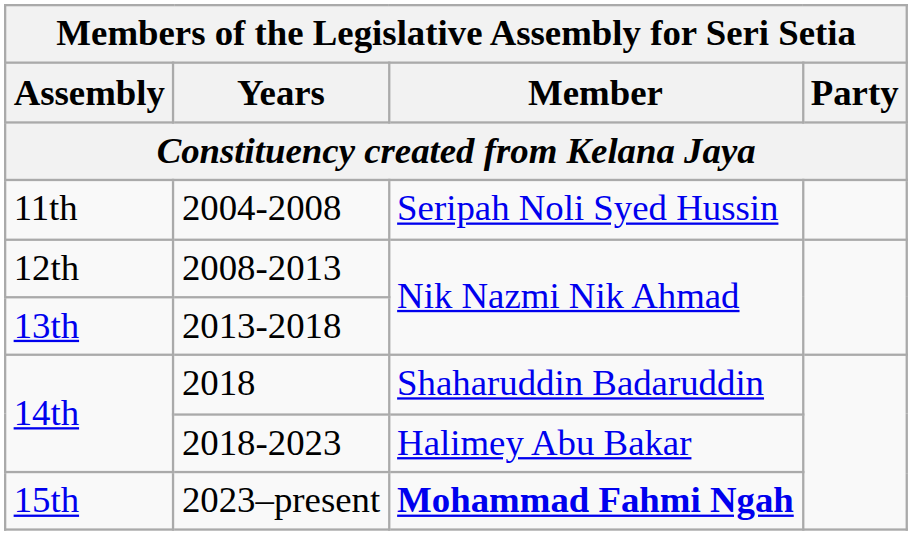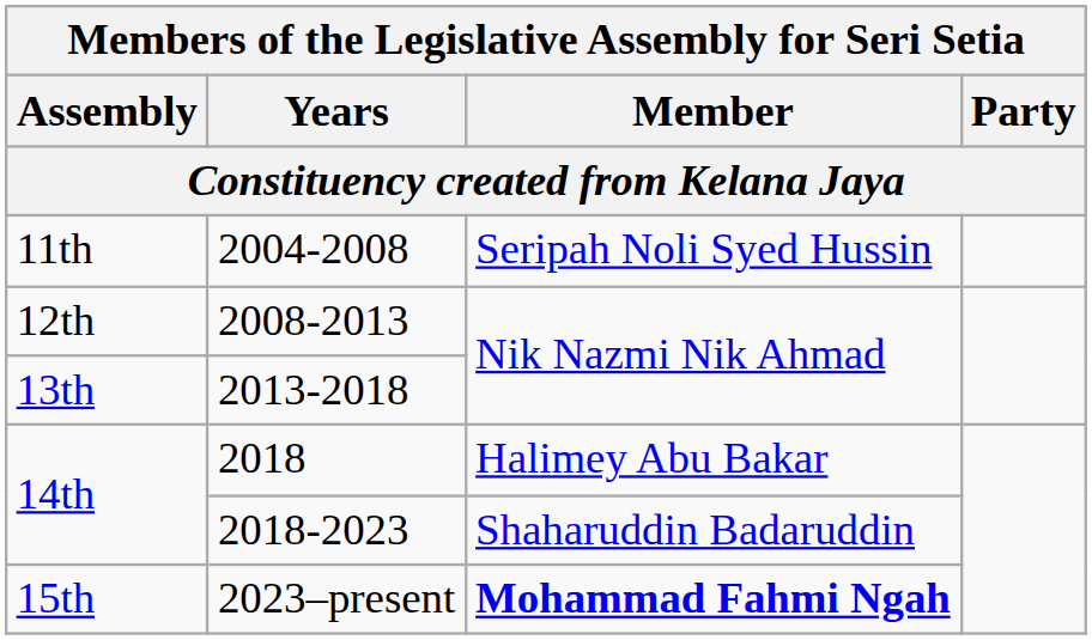 <table class=wikitable>
 <tr>
 <th colspan=4>Members of the Legislative Assembly for Seri Setia</th>
 </tr>
 <tr>
 <th>Assembly</th>
 <th>Years</th>
 <th>Member</th>
 <th>Party</th>
 </tr>
 <tr>
 <th colspan=4 align=center><em>Constituency created from Kelana Jaya</em></th>
 </tr>
 <tr>
 <td>11th</td>
 <td>2004-2008</td>
 <td><a href='#'>Seripah Noli Syed Hussin</a></td>
 <td></td>
 </tr>
 <tr>
 <td>12th</td>
 <td>2008-2013</td>
 <td rowspan=2><a href='#'>Nik Nazmi Nik Ahmad</a></td>
 <td rowspan=2></td>
 </tr>
 <tr>
 <td><a href='#'>13th</a></td>
 <td>2013-2018</td>
 </tr>
 <tr>
 <td rowspan=2><a href='#'>14th</a></td>
 <td>2018</td>
-<td><a href='#'>Shaharuddin Badaruddin</a></td>
+<td><a href='#'>Halimey Abu Bakar</a></td>
 <td rowspan="3"></td>
 </tr>
 <tr>
 <td>2018-2023</td>
-<td><a href='#'>Halimey Abu Bakar</a></td>
+<td><a href='#'>Shaharuddin Badaruddin</a></td>
 </tr>
 <tr>
 <td><a href='#'>15th</a></td>
 <td>2023–present</td>
 <td><strong><a href='#'>Mohammad Fahmi Ngah</a></strong></td>
 </tr>
 </table>
